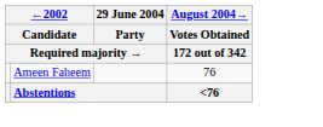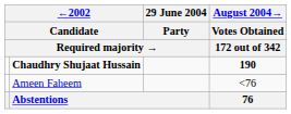 <table class="wikitable">
 <tr>
 <th colspan=2><a href='#'>←2002</a></th>
 <th>29 June 2004</th>
 <th><a href='#'>August 2004→</a></th>
 </tr>
 <tr>
 <th colspan=2>Candidate</th>
 <th>Party</th>
 <th>Votes Obtained</th>
 </tr>
 <tr>
 <th colspan=3>Required majority →</th>
 <th>172 out of 342</th>
 </tr>
 <tr>
 <td></td>
+<td><strong>Chaudhry Shujaat Hussain</strong></td>
+<td></td>
+<td style="text-align:center;"><strong>190</strong> </td>
+</tr>
+<tr>
+<td></td>
 <td><a href='#'>Ameen Faheem</a></td>
 <td></td>
-<td style="text-align:center;">76 </td>
+<td style="text-align:center;"><76</td>
 </tr>
 <tr class=sortbottom style="background:#f2f2f2; font-weight:bold">
 <td></td>
 <td colspan=2><a href='#'>Abstentions</a></td>
-<td style="text-align:center;"><76</td>
+<td style="text-align:center;">76 </td>
 </tr>
 </table>
